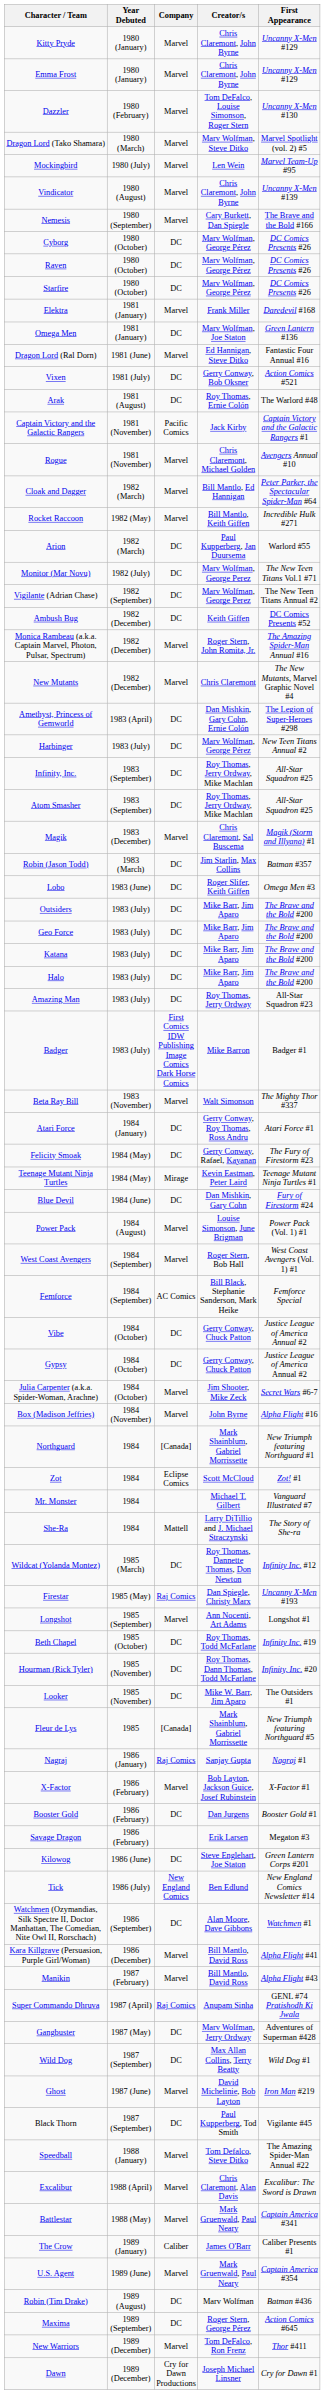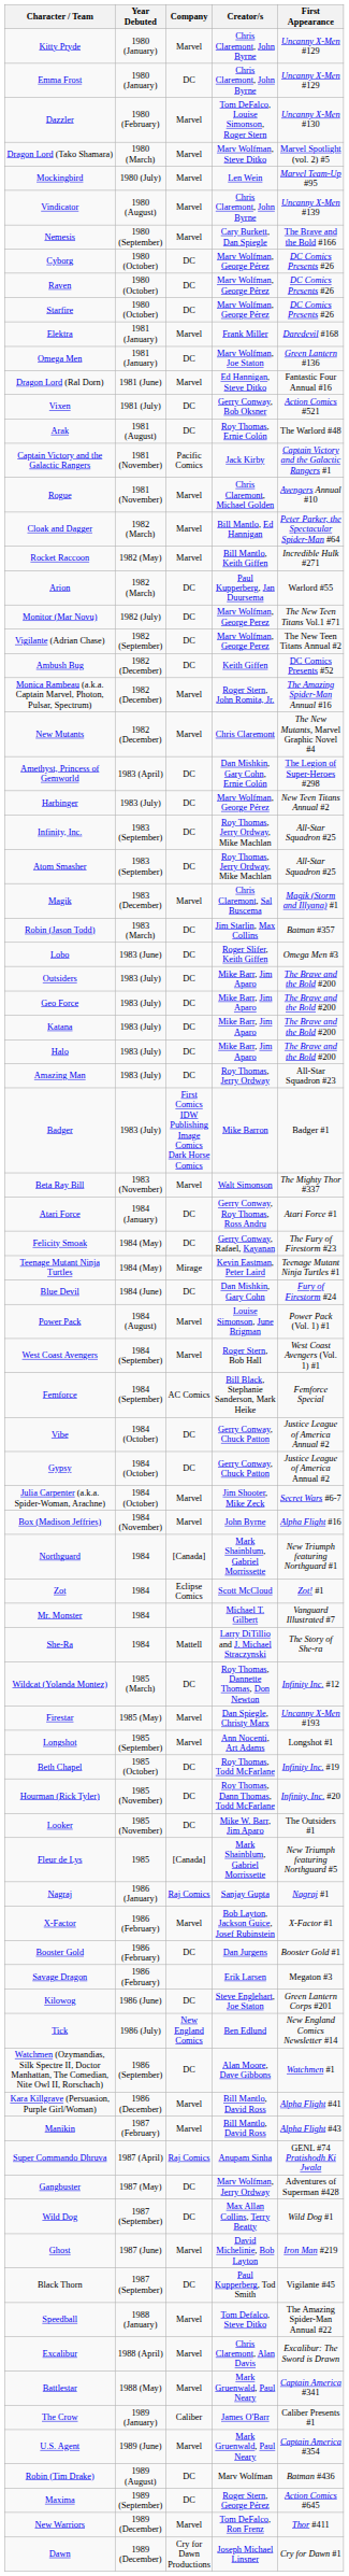 <table class="wikitable sortable" style="text-align:center">
 <tr>
 <th style="width:35%;">Character / Team</th>
 <th style="width:15%;">Year Debuted</th>
 <th style="width:10%;">Company</th>
 <th style="width:20%;">Creator/s</th>
 <th style="width:20%;">First Appearance</th>
 </tr>
 <tr>
 <td><a href='#'>Kitty Pryde</a></td>
 <td>1980 (January)</td>
 <td>Marvel</td>
 <td><a href='#'>Chris Claremont</a>, <a href='#'>John Byrne</a></td>
 <td><em><a href='#'>Uncanny X-Men</a></em> #129</td>
 </tr>
 <tr>
 <td><a href='#'>Emma Frost</a></td>
 <td>1980 (January)</td>
-<td>Marvel</td>
+<td>DC</td>
 <td><a href='#'>Chris Claremont</a>, <a href='#'>John Byrne</a></td>
 <td><em><a href='#'>Uncanny X-Men</a></em> #129</td>
 </tr>
 <tr>
 <td><a href='#'>Dazzler</a></td>
 <td>1980 (February)</td>
 <td>Marvel</td>
 <td><a href='#'>Tom DeFalco</a>, <a href='#'>Louise Simonson</a>, <a href='#'>Roger Stern</a></td>
 <td><em><a href='#'>Uncanny X-Men</a></em> #130</td>
 </tr>
 <tr>
 <td><a href='#'>Dragon Lord</a> (Tako Shamara)</td>
 <td>1980 (March)</td>
 <td>Marvel</td>
 <td><a href='#'>Marv Wolfman</a>, <a href='#'>Steve Ditko</a></td>
 <td><a href='#'>Marvel Spotlight</a> (vol. 2) #5</td>
 </tr>
 <tr>
 <td><a href='#'>Mockingbird</a></td>
 <td>1980 (July)</td>
 <td>Marvel</td>
 <td><a href='#'>Len Wein</a></td>
 <td><em><a href='#'>Marvel Team-Up</a></em> #95</td>
 </tr>
 <tr>
 <td><a href='#'>Vindicator</a></td>
 <td>1980 (August)</td>
 <td>Marvel</td>
 <td><a href='#'>Chris Claremont</a>, <a href='#'>John Byrne</a></td>
 <td><em><a href='#'>Uncanny X-Men</a></em> #139</td>
 </tr>
 <tr>
 <td><a href='#'>Nemesis</a></td>
 <td>1980 (September)</td>
 <td>Marvel</td>
 <td><a href='#'>Cary Burkett</a>, <a href='#'>Dan Spiegle</a></td>
 <td><a href='#'>The Brave and the Bold</a> #166</td>
 </tr>
 <tr>
 <td><a href='#'>Cyborg</a></td>
 <td>1980 (October)</td>
 <td>DC</td>
 <td><a href='#'>Marv Wolfman</a>, <a href='#'>George Pérez</a></td>
 <td><em><a href='#'>DC Comics Presents</a></em> #26</td>
 </tr>
 <tr>
 <td><a href='#'>Raven</a></td>
 <td>1980 (October)</td>
 <td>DC</td>
 <td><a href='#'>Marv Wolfman</a>, <a href='#'>George Pérez</a></td>
 <td><em><a href='#'>DC Comics Presents</a></em> #26</td>
 </tr>
 <tr>
 <td><a href='#'>Starfire</a></td>
 <td>1980 (October)</td>
 <td>DC</td>
 <td><a href='#'>Marv Wolfman</a>, <a href='#'>George Pérez</a></td>
 <td><em><a href='#'>DC Comics Presents</a></em> #26</td>
 </tr>
 <tr>
 <td><a href='#'>Elektra</a></td>
 <td>1981 (January)</td>
 <td>Marvel</td>
 <td><a href='#'>Frank Miller</a></td>
 <td><em><a href='#'>Daredevil</a></em> #168</td>
 </tr>
 <tr>
 <td><a href='#'>Omega Men</a></td>
 <td>1981 (January)</td>
 <td>DC</td>
 <td><a href='#'>Marv Wolfman</a>, <a href='#'>Joe Staton</a></td>
 <td><em><a href='#'>Green Lantern</a></em> #136</td>
 </tr>
 <tr>
 <td><a href='#'>Dragon Lord</a> (Ral Dorn)</td>
 <td>1981 (June)</td>
 <td>Marvel</td>
 <td><a href='#'>Ed Hannigan</a>, <a href='#'>Steve Ditko</a></td>
 <td>Fantastic Four Annual #16</td>
 </tr>
 <tr>
 <td><a href='#'>Vixen</a></td>
 <td>1981 (July)</td>
 <td>DC</td>
 <td><a href='#'>Gerry Conway</a>,<br><a href='#'>Bob Oksner</a></td>
 <td><em><a href='#'>Action Comics</a></em> #521</td>
 </tr>
 <tr>
 <td><a href='#'>Arak</a></td>
 <td>1981 (August)</td>
 <td>DC</td>
 <td><a href='#'>Roy Thomas</a>, <a href='#'>Ernie Colón</a></td>
 <td>The Warlord #48</td>
 </tr>
 <tr>
 <td><a href='#'>Captain Victory and the Galactic Rangers</a></td>
 <td>1981 (November)</td>
 <td>Pacific Comics</td>
 <td><a href='#'>Jack Kirby</a></td>
 <td><em><a href='#'>Captain Victory and the Galactic Rangers</a></em> #1</td>
 </tr>
 <tr>
 <td><a href='#'>Rogue</a></td>
 <td>1981 (November)</td>
 <td>Marvel</td>
 <td><a href='#'>Chris Claremont</a>, <a href='#'>Michael Golden</a></td>
 <td><em><a href='#'>Avengers</a></em> <em>Annual</em> #10</td>
 </tr>
 <tr>
 <td><a href='#'>Cloak and Dagger</a></td>
 <td>1982 (March)</td>
 <td>Marvel</td>
 <td><a href='#'>Bill Mantlo</a>, <a href='#'>Ed Hannigan</a></td>
 <td><em><a href='#'>Peter Parker, the Spectacular Spider-Man</a></em> #64</td>
 </tr>
 <tr>
 <td><a href='#'>Rocket Raccoon</a></td>
 <td>1982 (May)</td>
 <td>Marvel</td>
 <td><a href='#'>Bill Mantlo</a>, <a href='#'>Keith Giffen</a></td>
 <td><em>Incredible Hulk</em> #271</td>
 </tr>
 <tr>
 <td><a href='#'>Arion</a></td>
 <td>1982 (March)</td>
 <td>DC</td>
 <td><a href='#'>Paul Kupperberg</a>, <a href='#'>Jan Duursema</a></td>
 <td>Warlord #55</td>
 </tr>
 <tr>
 <td><a href='#'>Monitor (Mar Novu)</a></td>
 <td>1982 (July)</td>
 <td>DC</td>
 <td><a href='#'>Marv Wolfman</a>, <a href='#'>George Perez</a></td>
 <td><em>The New Teen Titans</em> Vol.1 #71</td>
 </tr>
 <tr>
 <td><a href='#'>Vigilante</a> (Adrian Chase)</td>
 <td>1982 (September)</td>
 <td>DC</td>
 <td><a href='#'>Marv Wolfman</a>, <a href='#'>George Perez</a></td>
 <td>The New Teen Titans Annual #2</td>
 </tr>
 <tr>
 <td><a href='#'>Ambush Bug</a></td>
 <td>1982 (December)</td>
 <td>DC</td>
 <td><a href='#'>Keith Giffen</a></td>
 <td><a href='#'>DC Comics Presents</a> #52</td>
 </tr>
 <tr>
 <td><a href='#'>Monica Rambeau</a> (a.k.a. Captain Marvel, Photon, Pulsar, Spectrum)</td>
 <td>1982 (December)</td>
 <td>Marvel</td>
 <td><a href='#'>Roger Stern</a>, <a href='#'>John Romita, Jr.</a></td>
 <td><em><a href='#'>The Amazing Spider-Man</a> Annual</em> #16</td>
 </tr>
 <tr>
 <td><a href='#'>New Mutants</a></td>
 <td>1982 (December)</td>
 <td>Marvel</td>
 <td><a href='#'>Chris Claremont</a></td>
 <td><em>The New Mutants,</em> Marvel Graphic Novel #4</td>
 </tr>
 <tr>
 <td><a href='#'>Amethyst, Princess of Gemworld</a></td>
 <td>1983 (April)</td>
 <td>DC</td>
 <td><a href='#'>Dan Mishkin</a>, <a href='#'>Gary Cohn</a>, <a href='#'>Ernie Colón</a></td>
 <td><a href='#'>The Legion of Super-Heroes</a> #298</td>
 </tr>
 <tr>
 <td><a href='#'>Harbinger</a></td>
 <td>1983 (July)</td>
 <td>DC</td>
 <td><a href='#'>Marv Wolfman</a>, <a href='#'>George Pérez</a></td>
 <td><em>New Teen Titans Annual</em> #2</td>
 </tr>
 <tr>
 <td><a href='#'>Infinity, Inc.</a></td>
 <td>1983 (September)</td>
 <td>DC</td>
 <td><a href='#'>Roy Thomas</a>, <a href='#'>Jerry Ordway</a>, Mike Machlan</td>
 <td><em>All-Star Squadron</em> #25</td>
 </tr>
 <tr>
 <td><a href='#'>Atom Smasher</a></td>
 <td>1983 (September)</td>
 <td>DC</td>
 <td><a href='#'>Roy Thomas</a>, <a href='#'>Jerry Ordway</a>, Mike Machlan</td>
 <td><em>All-Star Squadron</em> #25</td>
 </tr>
 <tr>
 <td><a href='#'>Magik</a></td>
 <td>1983 (December)</td>
 <td>Marvel</td>
 <td><a href='#'>Chris Claremont</a>, <a href='#'>Sal Buscema</a></td>
 <td><em><a href='#'>Magik (Storm and Illyana)</a></em> #1</td>
 </tr>
 <tr>
 <td><a href='#'>Robin (Jason Todd)</a></td>
 <td>1983 (March)</td>
 <td>DC</td>
 <td><a href='#'>Jim Starlin</a>, <a href='#'>Max Collins</a></td>
 <td><em>Batman</em> #357</td>
 </tr>
 <tr>
 <td><a href='#'>Lobo</a></td>
 <td>1983 (June)</td>
 <td>DC</td>
 <td><a href='#'>Roger Slifer</a>, <a href='#'>Keith Giffen</a></td>
 <td><em>Omega Men</em> #3</td>
 </tr>
 <tr>
 <td><a href='#'>Outsiders</a></td>
 <td>1983 (July)</td>
 <td>DC</td>
 <td><a href='#'>Mike Barr</a>, <a href='#'>Jim Aparo</a></td>
 <td><em><a href='#'>The Brave and the Bold</a></em> #200</td>
 </tr>
 <tr>
 <td><a href='#'>Geo Force</a></td>
 <td>1983 (July)</td>
 <td>DC</td>
 <td><a href='#'>Mike Barr</a>, <a href='#'>Jim Aparo</a></td>
 <td><em><a href='#'>The Brave and the Bold</a></em> #200</td>
 </tr>
 <tr>
 <td><a href='#'>Katana</a></td>
 <td>1983 (July)</td>
 <td>DC</td>
 <td><a href='#'>Mike Barr</a>, <a href='#'>Jim Aparo</a></td>
 <td><em><a href='#'>The Brave and the Bold</a></em> #200</td>
 </tr>
 <tr>
 <td><a href='#'>Halo</a></td>
 <td>1983 (July)</td>
 <td>DC</td>
 <td><a href='#'>Mike Barr</a>, <a href='#'>Jim Aparo</a></td>
 <td><em><a href='#'>The Brave and the Bold</a></em> #200</td>
 </tr>
 <tr>
 <td><a href='#'>Amazing Man</a></td>
 <td>1983 (July)</td>
 <td>DC</td>
 <td><a href='#'>Roy Thomas</a>, <a href='#'>Jerry Ordway</a></td>
 <td>All-Star Squadron #23</td>
 </tr>
 <tr>
 <td><a href='#'>Badger</a></td>
 <td>1983 (July)</td>
 <td><a href='#'>First Comics</a><br><a href='#'>IDW Publishing</a> <a href='#'>Image Comics</a> <a href='#'>Dark Horse Comics</a></td>
 <td><a href='#'>Mike Barron</a></td>
 <td>Badger #1</td>
 </tr>
 <tr>
 <td><a href='#'>Beta Ray Bill</a></td>
 <td>1983 (November)</td>
 <td>Marvel</td>
 <td><a href='#'>Walt Simonson</a></td>
 <td><em>The Mighty Thor</em> #337</td>
 </tr>
 <tr>
 <td><a href='#'>Atari Force</a></td>
 <td>1984 (January)</td>
 <td>DC</td>
 <td><a href='#'>Gerry Conway</a>, <a href='#'>Roy Thomas</a>, <a href='#'>Ross Andru</a></td>
 <td><em>Atari Force</em> #1</td>
 </tr>
 <tr>
 <td><a href='#'>Felicity Smoak</a></td>
 <td>1984 (May)</td>
 <td>DC</td>
 <td><a href='#'>Gerry Conway</a>, Rafael, <a href='#'>Kayanan</a></td>
 <td><em>The Fury of Firestorm</em> #23</td>
 </tr>
 <tr>
 <td><a href='#'>Teenage Mutant Ninja Turtles</a></td>
 <td>1984 (May)</td>
 <td>Mirage</td>
 <td><a href='#'>Kevin Eastman</a>, <a href='#'>Peter Laird</a></td>
 <td><em>Teenage Mutant Ninja Turtles</em> #1</td>
 </tr>
 <tr>
 <td><a href='#'>Blue Devil</a></td>
 <td>1984 (June)</td>
 <td>DC</td>
 <td><a href='#'>Dan Mishkin</a>, <a href='#'>Gary Cohn</a></td>
 <td><em><a href='#'>Fury of Firestorm</a></em> #24</td>
 </tr>
 <tr>
 <td><a href='#'>Power Pack</a></td>
 <td>1984 (August)</td>
 <td>Marvel</td>
 <td><a href='#'>Louise Simonson</a>, <a href='#'>June Brigman</a></td>
 <td><em>Power Pack</em> (Vol. 1) #1</td>
 </tr>
 <tr>
 <td><a href='#'>West Coast Avengers</a></td>
 <td>1984 (September)</td>
 <td>Marvel</td>
 <td><a href='#'>Roger Stern</a>, Bob Hall</td>
 <td><em>West Coast Avengers</em> (Vol. 1) #1</td>
 </tr>
 <tr>
 <td><a href='#'>Femforce</a></td>
 <td>1984 (September)</td>
 <td>AC Comics</td>
 <td><a href='#'>Bill Black</a>, Stephanie Sanderson, Mark Heike</td>
 <td><em>Femforce Special</em></td>
 </tr>
 <tr>
 <td><a href='#'>Vibe</a></td>
 <td>1984 (October)</td>
 <td>DC</td>
 <td><a href='#'>Gerry Conway</a>, <a href='#'>Chuck Patton</a></td>
 <td><em>Justice League of America Annual</em> #2</td>
 </tr>
 <tr>
 <td><a href='#'>Gypsy</a></td>
 <td>1984 (October)</td>
 <td>DC</td>
 <td><a href='#'>Gerry Conway</a>, <a href='#'>Chuck Patton</a></td>
 <td><em>Justice League of America</em> Annual #2</td>
 </tr>
 <tr>
 <td><a href='#'>Julia Carpenter</a> (a.k.a. Spider-Woman, Arachne)</td>
 <td>1984 (October)</td>
 <td>Marvel</td>
 <td><a href='#'>Jim Shooter</a>, <a href='#'>Mike Zeck</a></td>
 <td><em><a href='#'>Secret Wars</a></em> #6-7</td>
 </tr>
 <tr>
 <td><a href='#'>Box (Madison Jeffries)</a></td>
 <td>1984 (November)</td>
 <td>Marvel</td>
 <td><a href='#'>John Byrne</a></td>
 <td><em><a href='#'>Alpha Flight</a></em> #16</td>
 </tr>
 <tr>
 <td><a href='#'>Northguard</a></td>
 <td>1984</td>
 <td>[Canada]</td>
 <td><a href='#'>Mark Shainblum</a>, <a href='#'>Gabriel Morrissette</a></td>
 <td><em>New Triumph featuring Northguard</em> #1</td>
 </tr>
 <tr>
 <td><a href='#'>Zot</a></td>
 <td>1984</td>
 <td>Eclipse Comics</td>
 <td><a href='#'>Scott McCloud</a></td>
 <td><em><a href='#'>Zot!</a></em> #1</td>
 </tr>
 <tr>
 <td><a href='#'>Mr. Monster</a></td>
 <td>1984</td>
 <td></td>
 <td><a href='#'>Michael T. Gilbert</a></td>
 <td><em>Vanguard Illustrated </em> #7</td>
 </tr>
 <tr>
 <td><a href='#'>She-Ra</a></td>
 <td>1984</td>
 <td>Mattell</td>
 <td><a href='#'>Larry DiTillio</a> and <a href='#'>J. Michael Straczynski</a></td>
 <td><em>The Story of She-ra</em></td>
 </tr>
 <tr>
 <td><a href='#'>Wildcat (Yolanda Montez)</a></td>
 <td>1985 (March)</td>
 <td>DC</td>
 <td><a href='#'>Roy Thomas</a>, <a href='#'>Dannette Thomas</a>, <a href='#'>Don Newton</a></td>
 <td><em><a href='#'>Infinity Inc.</a></em> #12</td>
 </tr>
 <tr>
 <td><a href='#'>Firestar</a></td>
 <td>1985 (May)</td>
-<td><a href='#'>Raj Comics</a></td>
+<td>Marvel</td>
 <td><a href='#'>Dan Spiegle</a>, <a href='#'>Christy Marx</a></td>
 <td><em><a href='#'>Uncanny X-Men</a></em> #193</td>
 </tr>
 <tr>
 <td><a href='#'>Longshot</a></td>
 <td>1985 (September)</td>
 <td>Marvel</td>
 <td><a href='#'>Ann Nocenti</a>, <a href='#'>Art Adams</a></td>
 <td>Longshot #1</td>
 </tr>
 <tr>
 <td><a href='#'>Beth Chapel</a></td>
 <td>1985 (October)</td>
 <td>DC</td>
 <td><a href='#'>Roy Thomas</a>, <a href='#'>Todd McFarlane</a></td>
 <td><em><a href='#'>Infinity Inc.</a></em> #19</td>
 </tr>
 <tr>
 <td><a href='#'>Hourman (Rick Tyler)</a></td>
 <td>1985 (November)</td>
 <td>DC</td>
 <td><a href='#'>Roy Thomas</a>, <a href='#'>Dann Thomas</a>, <a href='#'>Todd McFarlane</a></td>
 <td><em><a href='#'>Infinity, Inc.</a></em> #20</td>
 </tr>
 <tr>
 <td><a href='#'>Looker</a></td>
 <td>1985 (November)</td>
 <td>DC</td>
 <td><a href='#'>Mike W. Barr</a>, <a href='#'>Jim Aparo</a></td>
 <td>The Outsiders #1</td>
 </tr>
 <tr>
 <td><a href='#'>Fleur de Lys</a></td>
 <td>1985</td>
 <td>[Canada]</td>
 <td><a href='#'>Mark Shainblum</a>, <a href='#'>Gabriel Morrissette</a></td>
 <td><em>New Triumph featuring Northguard</em> #5</td>
 </tr>
 <tr>
 <td><a href='#'>Nagraj</a></td>
 <td>1986 (January)</td>
 <td><a href='#'>Raj Comics</a></td>
 <td><a href='#'>Sanjay Gupta</a></td>
 <td><em><a href='#'>Nagraj</a></em> #1</td>
 </tr>
 <tr>
 <td><a href='#'>X-Factor</a></td>
 <td>1986 (February)</td>
 <td>Marvel</td>
 <td><a href='#'>Bob Layton</a>, <a href='#'>Jackson Guice</a>, <a href='#'>Josef Rubinstein</a></td>
 <td><em>X-Factor</em> #1</td>
 </tr>
 <tr>
 <td><a href='#'>Booster Gold</a></td>
 <td>1986 (February)</td>
 <td>DC</td>
 <td><a href='#'>Dan Jurgens</a></td>
 <td><em>Booster Gold</em> #1</td>
 </tr>
 <tr>
 <td><a href='#'>Savage Dragon</a></td>
 <td>1986 (February)</td>
 <td></td>
 <td><a href='#'>Erik Larsen</a></td>
 <td>Megaton #3</td>
 </tr>
 <tr>
 <td><a href='#'>Kilowog</a></td>
 <td>1986 (June)</td>
 <td>DC</td>
 <td><a href='#'>Steve Englehart</a>, <a href='#'>Joe Staton</a></td>
 <td><em>Green Lantern Corps</em> #201</td>
 </tr>
 <tr>
 <td><a href='#'>Tick</a></td>
 <td>1986 (July)</td>
 <td><a href='#'>New England Comics</a></td>
 <td><a href='#'>Ben Edlund</a></td>
 <td><em>New England Comics Newsletter</em> #14</td>
 </tr>
 <tr>
 <td><a href='#'>Watchmen</a> (Ozymandias, Silk Spectre II, Doctor Manhattan, The Comedian, Nite Owl II, Rorschach)</td>
 <td>1986 (September)</td>
 <td>DC</td>
 <td><a href='#'>Alan Moore</a>, <a href='#'>Dave Gibbons</a></td>
 <td><em><a href='#'>Watchmen</a></em> #1</td>
 </tr>
 <tr>
 <td><a href='#'>Kara Killgrave</a> (Persuasion, Purple Girl/Woman)</td>
 <td>1986 (December)</td>
 <td>Marvel</td>
 <td><a href='#'>Bill Mantlo</a>, <a href='#'>David Ross</a></td>
 <td><em><a href='#'>Alpha Flight</a></em> #41</td>
 </tr>
 <tr>
 <td><a href='#'>Manikin</a></td>
 <td>1987 (February)</td>
 <td>Marvel</td>
 <td><a href='#'>Bill Mantlo</a>, <a href='#'>David Ross</a></td>
 <td><em><a href='#'>Alpha Flight</a></em> #43</td>
 </tr>
 <tr>
 <td><a href='#'>Super Commando Dhruva</a></td>
 <td>1987 (April)</td>
 <td><a href='#'>Raj Comics</a></td>
 <td><a href='#'>Anupam Sinha</a></td>
 <td>GENL #74 <em><a href='#'>Pratishodh Ki Jwala</a></em></td>
 </tr>
 <tr>
 <td><a href='#'>Gangbuster</a></td>
 <td>1987 (May)</td>
 <td>DC</td>
 <td><a href='#'>Marv Wolfman</a>, <a href='#'>Jerry Ordway</a></td>
 <td>Adventures of Superman #428</td>
 </tr>
 <tr>
 <td><a href='#'>Wild Dog</a></td>
 <td>1987 (September)</td>
 <td>DC</td>
 <td><a href='#'>Max Allan Collins</a>, <a href='#'>Terry Beatty</a></td>
 <td><em>Wild Dog</em> #1</td>
 </tr>
 <tr>
 <td><a href='#'>Ghost</a></td>
 <td>1987 (June)</td>
 <td>Marvel</td>
 <td><a href='#'>David Michelinie</a>, <a href='#'>Bob Layton</a></td>
 <td><em><a href='#'>Iron Man</a></em> #219</td>
 </tr>
 <tr>
 <td>Black Thorn</td>
 <td>1987 (September)</td>
 <td>DC</td>
 <td><a href='#'>Paul Kupperberg</a>, Tod Smith</td>
 <td>Vigilante #45</td>
 </tr>
 <tr>
 <td><a href='#'>Speedball</a></td>
 <td>1988 (January)</td>
 <td>Marvel</td>
 <td><a href='#'>Tom Defalco</a>, <a href='#'>Steve Ditko</a></td>
 <td>The Amazing Spider-Man Annual #22</td>
 </tr>
 <tr>
 <td><a href='#'>Excalibur</a></td>
 <td>1988 (April)</td>
 <td>Marvel</td>
 <td><a href='#'>Chris Claremont</a>, <a href='#'>Alan Davis</a></td>
 <td><em>Excalibur: The Sword is Drawn</em></td>
 </tr>
 <tr>
 <td><a href='#'>Battlestar</a></td>
 <td>1988 (May)</td>
 <td>Marvel</td>
 <td><a href='#'>Mark Gruenwald</a>, <a href='#'>Paul Neary</a></td>
 <td><em><a href='#'>Captain America</a></em> #341</td>
 </tr>
 <tr>
 <td><a href='#'>The Crow</a></td>
 <td>1989 (January)</td>
 <td>Caliber</td>
 <td><a href='#'>James O'Barr</a></td>
 <td>Caliber Presents #1</td>
 </tr>
 <tr>
 <td><a href='#'>U.S. Agent</a></td>
 <td>1989 (June)</td>
 <td>Marvel</td>
 <td><a href='#'>Mark Gruenwald</a>, <a href='#'>Paul Neary</a></td>
 <td><em><a href='#'>Captain America</a></em> #354</td>
 </tr>
 <tr>
 <td><a href='#'>Robin (Tim Drake)</a></td>
 <td>1989 (August)</td>
 <td>DC</td>
 <td>Marv Wolfman</td>
 <td><em>Batman</em> #436</td>
 </tr>
 <tr>
 <td><a href='#'>Maxima</a></td>
 <td>1989 (September)</td>
 <td>DC</td>
 <td><a href='#'>Roger Stern</a>, <a href='#'>George Pérez</a></td>
 <td><em><a href='#'>Action Comics</a></em> #645</td>
 </tr>
 <tr>
 <td><a href='#'>New Warriors</a></td>
 <td>1989 (December)</td>
 <td>Marvel</td>
 <td><a href='#'>Tom DeFalco</a>, <a href='#'>Ron Frenz</a></td>
 <td><em><a href='#'>Thor</a></em> #411</td>
 </tr>
 <tr>
 <td><a href='#'>Dawn</a></td>
 <td>1989 (December)</td>
 <td>Cry for Dawn Productions</td>
 <td><a href='#'>Joseph Michael Linsner</a></td>
 <td><em>Cry for Dawn</em> #1</td>
 </tr>
 </table>
